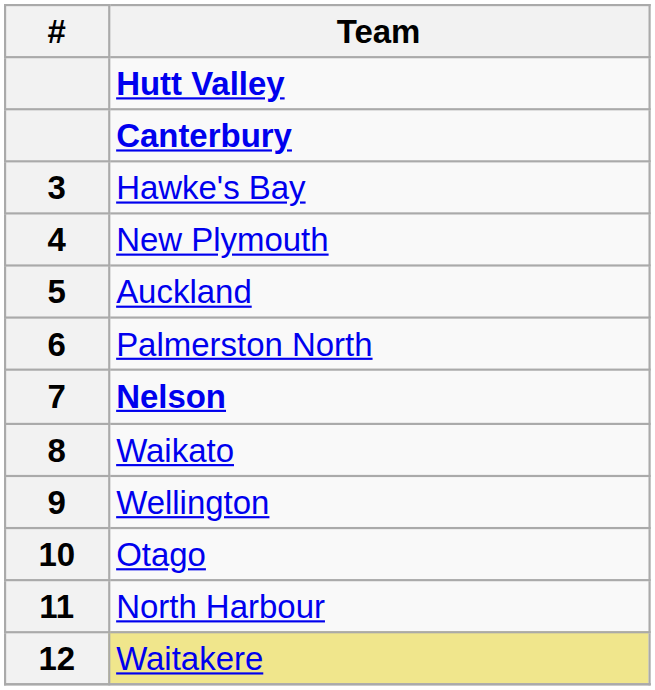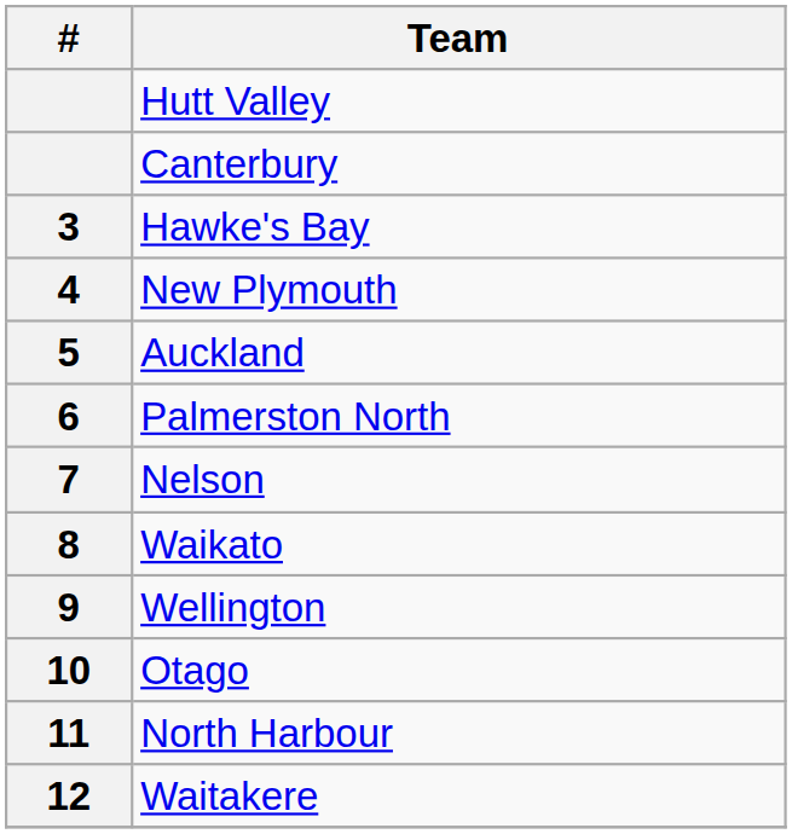 <table class="wikitable" width="15%" style="font-size:95%; text-align:center">
 <tr>
 <th>#</th>
 <th>Team</th>
 </tr>
 <tr>
 <th></th>
-<td align=left><strong><a href='#'>Hutt Valley</a></strong></td>
+<td align=left><a href='#'>Hutt Valley</a></td>
 </tr>
 <tr>
 <th></th>
-<td align=left><strong><a href='#'>Canterbury</a></strong></td>
+<td align=left><a href='#'>Canterbury</a></td>
 </tr>
 <tr>
 <th>3</th>
 <td align=left><a href='#'>Hawke's Bay</a></td>
 </tr>
 <tr>
 <th>4</th>
 <td align=left><a href='#'>New Plymouth</a></td>
 </tr>
 <tr>
 <th>5</th>
 <td align=left><a href='#'>Auckland</a></td>
 </tr>
 <tr>
 <th>6</th>
 <td align=left><a href='#'>Palmerston North</a></td>
 </tr>
 <tr>
 <th>7</th>
-<td align=left><strong><a href='#'>Nelson</a></strong></td>
+<td align=left><a href='#'>Nelson</a></td>
 </tr>
 <tr>
 <th>8</th>
 <td align=left><a href='#'>Waikato</a></td>
 </tr>
 <tr>
 <th>9</th>
 <td align=left><a href='#'>Wellington</a></td>
 </tr>
 <tr>
 <th>10</th>
 <td align=left><a href='#'>Otago</a></td>
 </tr>
 <tr>
 <th>11</th>
 <td align=left><a href='#'>North Harbour</a></td>
 </tr>
 <tr>
 <th>12</th>
-<td align=left style="background: khaki;"><a href='#'>Waitakere</a></td>
+<td align=left><a href='#'>Waitakere</a></td>
 </tr>
 <tr>
 </tr>
 </table>
